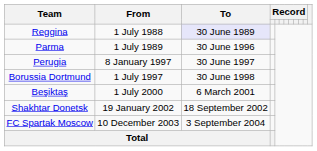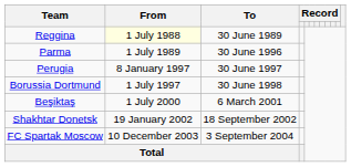 <table class="wikitable" style="text-align: center;">
 <tr>
 <th rowspan="2">Team</th>
 <th rowspan="2">From</th>
 <th rowspan="2">To</th>
 <th colspan="8">Record</th>
 <th rowspan="2"></th>
 </tr>
 <tr>
 <th></th>
 <th></th>
 <th></th>
 <th></th>
 <th></th>
 <th></th>
 <th></th>
 <th></th>
 </tr>
 <tr>
 <td><a href='#'>Reggina</a></td>
-<td>1 July 1988</td>
-<td style="background: lavender;">30 June 1989<br></td>
+<td style="background: lightyellow;">1 July 1988</td>
+<td>30 June 1989<br></td>
 <td></td>
 </tr>
 <tr>
 <td><a href='#'>Parma</a></td>
 <td>1 July 1989</td>
 <td>30 June 1996<br></td>
 <td></td>
 </tr>
 <tr>
 <td><a href='#'>Perugia</a></td>
 <td>8 January 1997</td>
 <td>30 June 1997<br></td>
 <td></td>
 </tr>
 <tr>
 <td><a href='#'>Borussia Dortmund</a></td>
 <td>1 July 1997</td>
 <td>30 June 1998<br></td>
 <td></td>
 </tr>
 <tr>
 <td><a href='#'>Beşiktaş</a></td>
 <td>1 July 2000</td>
 <td>6 March 2001<br></td>
 <td></td>
 </tr>
 <tr>
 <td><a href='#'>Shakhtar Donetsk</a></td>
 <td>19 January 2002</td>
 <td>18 September 2002<br></td>
 <td></td>
 </tr>
 <tr>
 <td><a href='#'>FC Spartak Moscow</a></td>
 <td>10 December 2003</td>
 <td>3 September 2004<br></td>
 <td></td>
 </tr>
 <tr>
 <th colspan="3">Total<br></th>
 <th></th>
 </tr>
 </table>
